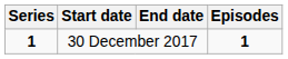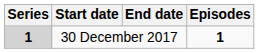 <table class="wikitable" style="text-align:center;">
 <tr>
 <th>Series</th>
 <th>Start date</th>
 <th>End date</th>
 <th>Episodes</th>
 </tr>
 <tr>
-<td><strong>1</strong></td>
+<td style="background: lightgrey;"><strong>1</strong></td>
 <td colspan="2">30 December 2017</td>
 <td><strong>1</strong></td>
 </tr>
 </table>
